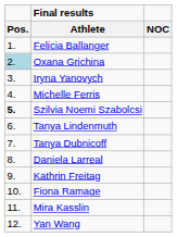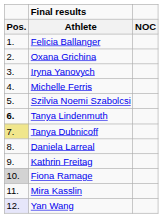 <table class="wikitable" style="font-size:95%;">
 <tr>
 <td></td>
 <td><strong>Final results</strong></td>
 </tr>
 <tr>
 <th>Pos.</th>
 <th>Athlete</th>
 <th>NOC</th>
 </tr>
 <tr>
 <td>1.</td>
 <td><a href='#'>Felicia Ballanger</a></td>
 <td></td>
 </tr>
 <tr>
-<td style="background: lightblue;">2.</td>
+<td>2.</td>
 <td><a href='#'>Oxana Grichina</a></td>
 <td></td>
 </tr>
 <tr>
 <td>3.</td>
 <td><a href='#'>Iryna Yanovych</a></td>
 <td></td>
 </tr>
 <tr>
 <td>4.</td>
 <td><a href='#'>Michelle Ferris</a></td>
 <td></td>
 </tr>
 <tr>
-<td><strong>5.</strong></td>
+<td>5.</td>
 <td><a href='#'>Szilvia Noemi Szabolcsi</a></td>
 <td></td>
 </tr>
 <tr>
-<td>6.</td>
+<td><strong>6.</strong></td>
 <td><a href='#'>Tanya Lindenmuth</a></td>
 <td></td>
 </tr>
 <tr>
-<td>7.</td>
+<td style="background: khaki;">7.</td>
 <td><a href='#'>Tanya Dubnicoff</a></td>
 <td></td>
 </tr>
 <tr>
 <td>8.</td>
 <td><a href='#'>Daniela Larreal</a></td>
 <td></td>
 </tr>
 <tr>
 <td>9.</td>
 <td><a href='#'>Kathrin Freitag</a></td>
 <td></td>
 </tr>
 <tr>
-<td>10.</td>
+<td style="background: lightgrey;">10.</td>
 <td><a href='#'>Fiona Ramage</a></td>
 <td></td>
 </tr>
 <tr>
 <td>11.</td>
 <td><a href='#'>Mira Kasslin</a></td>
 <td></td>
 </tr>
 <tr>
-<td>12.</td>
+<td style="background: lavender;">12.</td>
 <td><a href='#'>Yan Wang</a></td>
 <td></td>
 </tr>
 </table>
